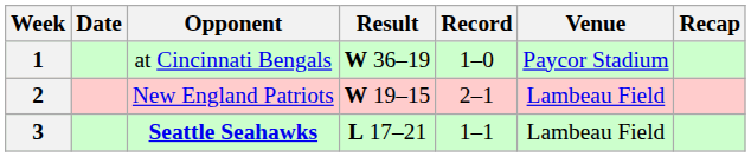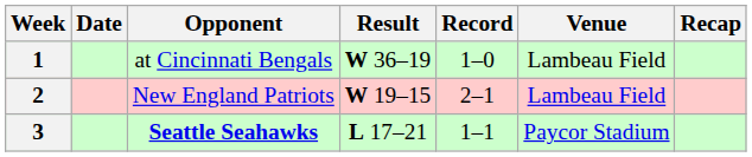 <table class="wikitable" style="text-align:center">
 <tr>
 <th>Week</th>
 <th>Date</th>
 <th>Opponent</th>
 <th>Result</th>
 <th>Record</th>
 <th>Venue</th>
 <th>Recap</th>
 </tr>
 <tr style="background:#cfc">
 <th>1</th>
 <td></td>
 <td>at <a href='#'>Cincinnati Bengals</a></td>
 <td><strong>W</strong> 36–19</td>
 <td>1–0</td>
-<td><a href='#'>Paycor Stadium</a></td>
+<td>Lambeau Field</td>
 <td></td>
 </tr>
 <tr style="background:#fcc">
 <th>2</th>
 <td></td>
 <td><a href='#'>New England Patriots</a></td>
 <td><strong>W</strong> 19–15</td>
 <td>2–1</td>
 <td><a href='#'>Lambeau Field</a></td>
 <td></td>
 </tr>
 <tr style="background:#cfc">
 <th>3</th>
 <td></td>
 <td><strong><a href='#'>Seattle Seahawks</a></strong></td>
 <td><strong>L</strong> 17–21</td>
 <td>1–1</td>
-<td>Lambeau Field</td>
+<td><a href='#'>Paycor Stadium</a></td>
 <td></td>
 </tr>
 </table>
